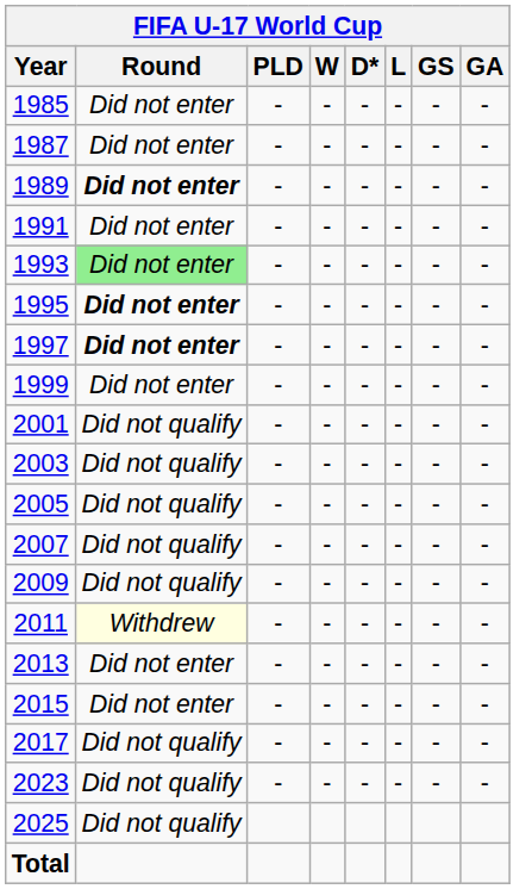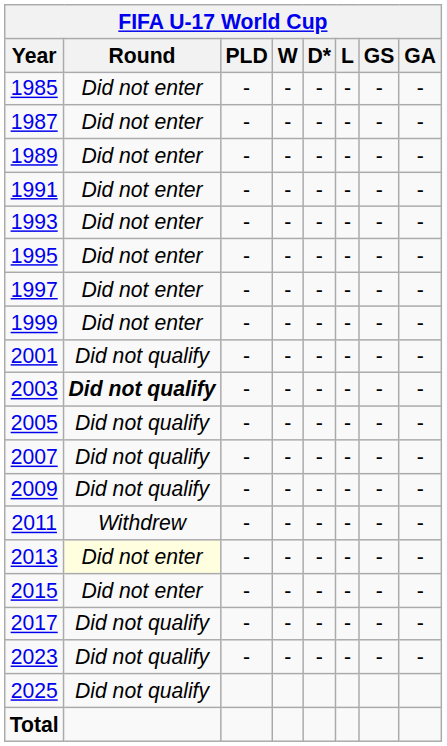 <table class="wikitable" style="text-align: center;font-size:90%;">
 <tr>
 <th colspan=9><a href='#'>FIFA U-17 World Cup</a></th>
 </tr>
 <tr>
 <th>Year</th>
 <th>Round</th>
 <th>PLD</th>
 <th>W</th>
 <th>D*</th>
 <th>L</th>
 <th>GS</th>
 <th>GA</th>
 </tr>
 <tr>
 <td> <a href='#'>1985</a></td>
 <td><em>Did not enter</em></td>
 <td>-</td>
 <td>-</td>
 <td>-</td>
 <td>-</td>
 <td>-</td>
 <td>-</td>
 </tr>
 <tr>
 <td> <a href='#'>1987</a></td>
 <td><em>Did not enter</em></td>
 <td>-</td>
 <td>-</td>
 <td>-</td>
 <td>-</td>
 <td>-</td>
 <td>-</td>
 </tr>
 <tr>
 <td> <a href='#'>1989</a></td>
-<td><strong><em>Did not enter</em></strong></td>
+<td><em>Did not enter</em></td>
 <td>-</td>
 <td>-</td>
 <td>-</td>
 <td>-</td>
 <td>-</td>
 <td>-</td>
 </tr>
 <tr>
 <td> <a href='#'>1991</a></td>
 <td><em>Did not enter</em></td>
 <td>-</td>
 <td>-</td>
 <td>-</td>
 <td>-</td>
 <td>-</td>
 <td>-</td>
 </tr>
 <tr>
 <td> <a href='#'>1993</a></td>
-<td style="background: lightgreen;"><em>Did not enter</em></td>
+<td><em>Did not enter</em></td>
 <td>-</td>
 <td>-</td>
 <td>-</td>
 <td>-</td>
 <td>-</td>
 <td>-</td>
 </tr>
 <tr>
 <td> <a href='#'>1995</a></td>
-<td><strong><em>Did not enter</em></strong></td>
+<td><em>Did not enter</em></td>
 <td>-</td>
 <td>-</td>
 <td>-</td>
 <td>-</td>
 <td>-</td>
 <td>-</td>
 </tr>
 <tr>
 <td> <a href='#'>1997</a></td>
-<td><strong><em>Did not enter</em></strong></td>
+<td><em>Did not enter</em></td>
 <td>-</td>
 <td>-</td>
 <td>-</td>
 <td>-</td>
 <td>-</td>
 <td>-</td>
 </tr>
 <tr>
 <td> <a href='#'>1999</a></td>
 <td><em>Did not enter</em></td>
 <td>-</td>
 <td>-</td>
 <td>-</td>
 <td>-</td>
 <td>-</td>
 <td>-</td>
 </tr>
 <tr>
 <td> <a href='#'>2001</a></td>
 <td><em>Did not qualify</em></td>
 <td>-</td>
 <td>-</td>
 <td>-</td>
 <td>-</td>
 <td>-</td>
 <td>-</td>
 </tr>
 <tr>
 <td> <a href='#'>2003</a></td>
-<td><em>Did not qualify</em></td>
+<td><strong><em>Did not qualify</em></strong></td>
 <td>-</td>
 <td>-</td>
 <td>-</td>
 <td>-</td>
 <td>-</td>
 <td>-</td>
 </tr>
 <tr>
 <td> <a href='#'>2005</a></td>
 <td><em>Did not qualify</em></td>
 <td>-</td>
 <td>-</td>
 <td>-</td>
 <td>-</td>
 <td>-</td>
 <td>-</td>
 </tr>
 <tr>
 <td> <a href='#'>2007</a></td>
 <td><em>Did not qualify</em></td>
 <td>-</td>
 <td>-</td>
 <td>-</td>
 <td>-</td>
 <td>-</td>
 <td>-</td>
 </tr>
 <tr>
 <td> <a href='#'>2009</a></td>
 <td><em>Did not qualify</em></td>
 <td>-</td>
 <td>-</td>
 <td>-</td>
 <td>-</td>
 <td>-</td>
 <td>-</td>
 </tr>
 <tr>
 <td> <a href='#'>2011</a></td>
-<td style="background: lightyellow;"><em>Withdrew</em></td>
+<td><em>Withdrew</em></td>
 <td>-</td>
 <td>-</td>
 <td>-</td>
 <td>-</td>
 <td>-</td>
 <td>-</td>
 </tr>
 <tr>
 <td> <a href='#'>2013</a></td>
-<td><em>Did not enter</em></td>
+<td style="background: lightyellow;"><em>Did not enter</em></td>
 <td>-</td>
 <td>-</td>
 <td>-</td>
 <td>-</td>
 <td>-</td>
 <td>-</td>
 </tr>
 <tr>
 <td> <a href='#'>2015</a></td>
 <td><em>Did not enter</em></td>
 <td>-</td>
 <td>-</td>
 <td>-</td>
 <td>-</td>
 <td>-</td>
 <td>-</td>
 </tr>
 <tr>
 <td> <a href='#'>2017</a></td>
 <td><em>Did not qualify</em></td>
 <td>-</td>
 <td>-</td>
 <td>-</td>
 <td>-</td>
 <td>-</td>
 <td>-</td>
 </tr>
 <tr>
 <td> <a href='#'>2023</a></td>
 <td><em>Did not qualify</em></td>
 <td>-</td>
 <td>-</td>
 <td>-</td>
 <td>-</td>
 <td>-</td>
 <td>-</td>
 </tr>
 <tr>
 <td> <a href='#'>2025</a></td>
 <td><em>Did not qualify</em></td>
 <td></td>
 <td></td>
 <td></td>
 <td></td>
 <td></td>
 <td></td>
 </tr>
 <tr>
 <td><strong>Total</strong></td>
 <td></td>
 <td></td>
 <td></td>
 <td></td>
 <td></td>
 <td></td>
 <td></td>
 </tr>
 </table>
